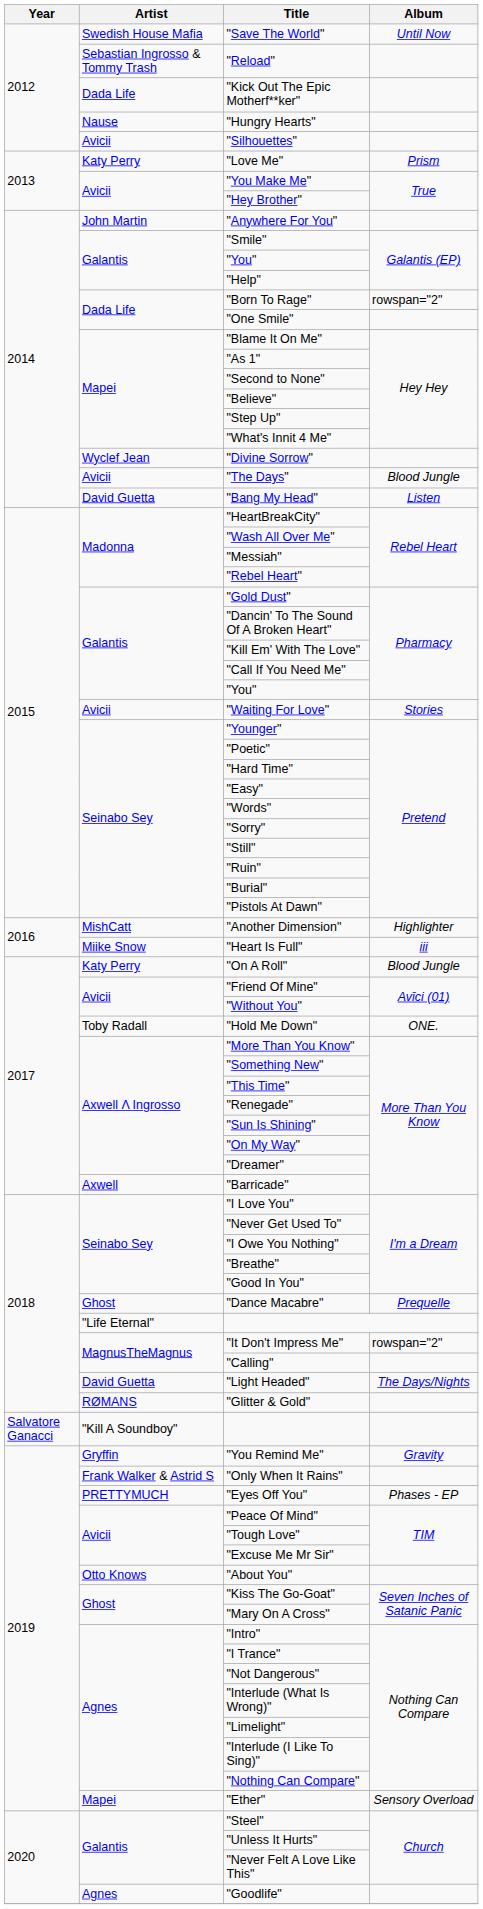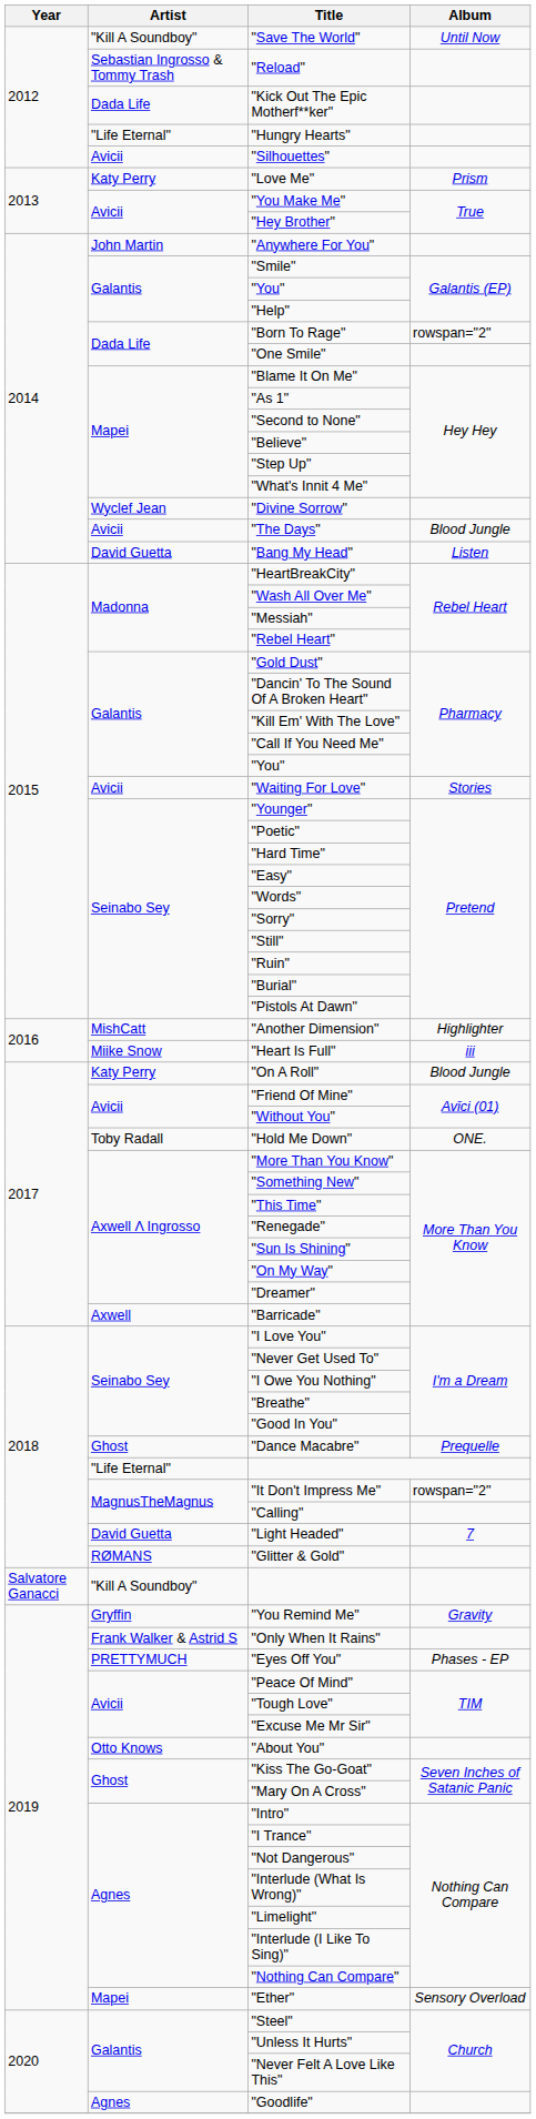 <table class="wikitable">
 <tr>
 <th>Year</th>
 <th>Artist</th>
 <th>Title</th>
 <th>Album</th>
 </tr>
 <tr>
 <td rowspan="5">2012</td>
-<td><a href='#'>Swedish House Mafia</a></td>
+<td>"Kill A Soundboy" <br></td>
 <td>"<a href='#'>Save The World</a>"</td>
 <td style="text-align:center;"><em><a href='#'>Until Now</a></em></td>
 </tr>
 <tr>
 <td><a href='#'>Sebastian Ingrosso</a> & <a href='#'>Tommy Trash</a></td>
 <td>"<a href='#'>Reload</a>"</td>
 <td></td>
 </tr>
 <tr>
 <td><a href='#'>Dada Life</a></td>
 <td>"Kick Out The Epic Motherf**ker"</td>
 <td></td>
 </tr>
 <tr>
-<td><a href='#'>Nause</a></td>
+<td>"Life Eternal"</td>
 <td>"Hungry Hearts"</td>
 <td></td>
 </tr>
 <tr>
 <td><a href='#'>Avicii</a></td>
 <td>"<a href='#'>Silhouettes</a>"</td>
 <td></td>
 </tr>
 <tr>
 <td rowspan="3">2013</td>
 <td><a href='#'>Katy Perry</a></td>
 <td>"Love Me"</td>
 <td style="text-align:center;"><em><a href='#'>Prism</a></em></td>
 </tr>
 <tr>
 <td rowspan="2"><a href='#'>Avicii</a></td>
 <td>"<a href='#'>You Make Me</a>"</td>
 <td rowspan="2" style="text-align:center;"><em><a href='#'>True</a></em></td>
 </tr>
 <tr>
 <td>"<a href='#'>Hey Brother</a>"</td>
 </tr>
 <tr>
 <td rowspan="15">2014</td>
 <td><a href='#'>John Martin</a></td>
 <td>"<a href='#'>Anywhere For You</a>"</td>
 <td></td>
 </tr>
 <tr>
 <td rowspan="3"><a href='#'>Galantis</a></td>
 <td>"Smile"</td>
 <td rowspan="3" style="text-align:center;"><em><a href='#'>Galantis (EP)</a></em></td>
 </tr>
 <tr>
 <td>"<a href='#'>You</a>"</td>
 </tr>
 <tr>
 <td>"Help"</td>
 </tr>
 <tr>
 <td rowspan="2"><a href='#'>Dada Life</a></td>
 <td>"Born To Rage"</td>
 <td>rowspan="2" </td>
 </tr>
 <tr>
 <td>"One Smile"</td>
 </tr>
 <tr>
 <td rowspan="6"><a href='#'>Mapei</a></td>
 <td>"Blame It On Me"</td>
 <td rowspan="6" style="text-align:center;"><em>Hey Hey</em></td>
 </tr>
 <tr>
 <td>"As 1"</td>
 </tr>
 <tr>
 <td>"Second to None"</td>
 </tr>
 <tr>
 <td>"Believe"</td>
 </tr>
 <tr>
 <td>"Step Up"</td>
 </tr>
 <tr>
 <td>"What's Innit 4 Me"</td>
 </tr>
 <tr>
 <td><a href='#'>Wyclef Jean</a></td>
 <td>"<a href='#'>Divine Sorrow</a>"<br></td>
 <td></td>
 </tr>
 <tr>
 <td><a href='#'>Avicii</a></td>
 <td>"<a href='#'>The Days</a>"</td>
 <td style="text-align:center;"><em>Blood Jungle</em></td>
 </tr>
 <tr>
 <td><a href='#'>David Guetta</a></td>
 <td>"<a href='#'>Bang My Head</a>" <br></td>
 <td style="text-align:center;"><em><a href='#'>Listen</a></em></td>
 </tr>
 <tr>
 <td rowspan="20">2015</td>
 <td rowspan="4"><a href='#'>Madonna</a></td>
 <td>"HeartBreakCity"</td>
 <td rowspan="4" style="text-align:center;"><em><a href='#'>Rebel Heart</a></em></td>
 </tr>
 <tr>
 <td>"<a href='#'>Wash All Over Me</a>"</td>
 </tr>
 <tr>
 <td>"Messiah"</td>
 </tr>
 <tr>
 <td>"<a href='#'>Rebel Heart</a>"</td>
 </tr>
 <tr>
 <td rowspan="5"><a href='#'>Galantis</a></td>
 <td>"<a href='#'>Gold Dust</a>"</td>
 <td rowspan="5" style="text-align:center;"><em><a href='#'>Pharmacy</a></em></td>
 </tr>
 <tr>
 <td>"Dancin' To The Sound Of A Broken Heart"</td>
 </tr>
 <tr>
 <td>"Kill Em' With The Love"</td>
 </tr>
 <tr>
 <td>"Call If You Need Me"</td>
 </tr>
 <tr>
 <td>"You"</td>
 </tr>
 <tr>
 <td><a href='#'>Avicii</a></td>
 <td>"<a href='#'>Waiting For Love</a>"</td>
 <td style="text-align:center;"><em><a href='#'>Stories</a></em></td>
 </tr>
 <tr>
 <td rowspan="10"><a href='#'>Seinabo Sey</a></td>
 <td>"<a href='#'>Younger</a>"</td>
 <td rowspan="10" style="text-align:center;"><em><a href='#'>Pretend</a></em></td>
 </tr>
 <tr>
 <td>"Poetic"</td>
 </tr>
 <tr>
 <td>"Hard Time"</td>
 </tr>
 <tr>
 <td>"Easy"</td>
 </tr>
 <tr>
 <td>"Words"</td>
 </tr>
 <tr>
 <td>"Sorry"</td>
 </tr>
 <tr>
 <td>"Still"</td>
 </tr>
 <tr>
 <td>"Ruin"</td>
 </tr>
 <tr>
 <td>"Burial"</td>
 </tr>
 <tr>
 <td>"Pistols At Dawn"</td>
 </tr>
 <tr>
 <td rowspan="2">2016</td>
 <td><a href='#'>MishCatt</a></td>
 <td>"Another Dimension"</td>
 <td style="text-align:center;"><em>Highlighter</em></td>
 </tr>
 <tr>
 <td><a href='#'>Miike Snow</a></td>
 <td>"Heart Is Full"</td>
 <td style="text-align:center;"><em><a href='#'>iii</a></em></td>
 </tr>
 <tr>
 <td rowspan="12">2017</td>
 <td><a href='#'>Katy Perry</a></td>
 <td>"On A Roll"</td>
 <td style="text-align:center;"><em>Blood Jungle</em></td>
 </tr>
 <tr>
 <td rowspan="2"><a href='#'>Avicii</a></td>
 <td>"Friend Of Mine"<br></td>
 <td rowspan="2" style="text-align:center;"><em><a href='#'>Avīci (01)</a></em></td>
 </tr>
 <tr>
 <td>"<a href='#'>Without You</a>"<br></td>
 </tr>
 <tr>
 <td>Toby Radall</td>
 <td>"Hold Me Down"</td>
 <td style="text-align:center;"><em>ONE.</em></td>
 </tr>
 <tr>
 <td rowspan="7"><a href='#'>Axwell Λ Ingrosso</a></td>
 <td>"<a href='#'>More Than You Know</a>"</td>
 <td rowspan="8" style="text-align:center;"><em><a href='#'>More Than You Know</a></em></td>
 </tr>
 <tr>
 <td>"<a href='#'>Something New</a>"</td>
 </tr>
 <tr>
 <td>"<a href='#'>This Time</a>"</td>
 </tr>
 <tr>
 <td>"Renegade"</td>
 </tr>
 <tr>
 <td>"<a href='#'>Sun Is Shining</a>"</td>
 </tr>
 <tr>
 <td>"<a href='#'>On My Way</a>"</td>
 </tr>
 <tr>
 <td>"Dreamer"</td>
 </tr>
 <tr>
 <td><a href='#'>Axwell</a></td>
 <td>"Barricade"</td>
 </tr>
 <tr>
 <td rowspan="12">2018</td>
 <td rowspan="5"><a href='#'>Seinabo Sey</a></td>
 <td>"I Love You"</td>
 <td rowspan="5" style="text-align:center;"><em><a href='#'>I'm a Dream</a></em></td>
 </tr>
 <tr>
 <td>"Never Get Used To"</td>
 </tr>
 <tr>
 <td>"I Owe You Nothing"</td>
 </tr>
 <tr>
 <td>"Breathe"</td>
 </tr>
 <tr>
 <td>"Good In You"</td>
 </tr>
 <tr>
 <td rowspan="2"><a href='#'>Ghost</a></td>
 <td>"Dance Macabre"</td>
 <td rowspan="2" style="text-align:center;"><em><a href='#'>Prequelle</a></em></td>
 </tr>
 <tr>
 </tr>
 <tr>
 <td>"Life Eternal"</td>
 </tr>
 <tr>
 <td rowspan="2"><a href='#'>MagnusTheMagnus</a></td>
 <td>"It Don't Impress Me"<br></td>
 <td>rowspan="2" </td>
 </tr>
 <tr>
 <td>"Calling"<br></td>
 </tr>
 <tr>
 <td><a href='#'>David Guetta</a></td>
 <td>"Light Headed" <br></td>
-<td style="text-align:center;"><em><a href='#'>The Days/Nights</a></em></td>
+<td style="text-align:center;"><em><a href='#'>7</a></em></td>
 </tr>
 <tr>
 <td><a href='#'>RØMANS</a></td>
 <td>"Glitter & Gold"</td>
 <td></td>
 </tr>
 <tr>
 <td><a href='#'>Salvatore Ganacci</a></td>
 <td>"Kill A Soundboy" <br></td>
 <td></td>
 </tr>
 <tr>
 <td rowspan="17">2019</td>
 <td><a href='#'>Gryffin</a></td>
 <td>"You Remind Me" <br></td>
 <td style="text-align:center;"><em><a href='#'>Gravity</a></em></td>
 </tr>
 <tr>
 <td><a href='#'>Frank Walker</a> & <a href='#'>Astrid S</a></td>
 <td>"Only When It Rains"</td>
 <td></td>
 </tr>
 <tr>
 <td><a href='#'>PRETTYMUCH</a></td>
 <td>"Eyes Off You"</td>
 <td style="text-align:center;"><em>Phases - EP</em></td>
 </tr>
 <tr>
 <td rowspan="3"><a href='#'>Avicii</a></td>
 <td>"Peace Of Mind" <br></td>
 <td rowspan="3" style="text-align:center;"><em><a href='#'>TIM</a></em></td>
 </tr>
 <tr>
 <td>"Tough Love"<br></td>
 </tr>
 <tr>
 <td>"Excuse Me Mr Sir"<br></td>
 </tr>
 <tr>
 <td><a href='#'>Otto Knows</a></td>
 <td>"About You"</td>
 <td></td>
 </tr>
 <tr>
 <td rowspan="2"><a href='#'>Ghost</a></td>
 <td>"Kiss The Go-Goat"</td>
 <td rowspan="2" style="text-align:center;"><em><a href='#'>Seven Inches of Satanic Panic</a></em></td>
 </tr>
 <tr>
 <td>"Mary On A Cross"</td>
 </tr>
 <tr>
 <td rowspan="7"><a href='#'>Agnes</a></td>
 <td>"Intro"</td>
 <td rowspan="7" style="text-align:center;"><em>Nothing Can Compare</em></td>
 </tr>
 <tr>
 <td>"I Trance"</td>
 </tr>
 <tr>
 <td>"Not Dangerous"</td>
 </tr>
 <tr>
 <td>"Interlude (What Is Wrong)"</td>
 </tr>
 <tr>
 <td>"Limelight"</td>
 </tr>
 <tr>
 <td>"Interlude (I Like To Sing)"</td>
 </tr>
 <tr>
 <td>"<a href='#'>Nothing Can Compare</a>"</td>
 </tr>
 <tr>
 <td><a href='#'>Mapei</a></td>
 <td>"Ether"</td>
 <td style="text-align:center;"><em>Sensory Overload</em></td>
 </tr>
 <tr>
 <td rowspan="4">2020</td>
 <td rowspan="3"><a href='#'>Galantis</a></td>
 <td>"Steel"</td>
 <td rowspan="3" style="text-align:center;"><em><a href='#'>Church</a></em></td>
 </tr>
 <tr>
 <td>"Unless It Hurts"</td>
 </tr>
 <tr>
 <td>"Never Felt A Love Like This"<br></td>
 </tr>
 <tr>
 <td><a href='#'>Agnes</a></td>
 <td>"Goodlife"</td>
 <td></td>
 </tr>
 <tr>
 </tr>
 </table>
